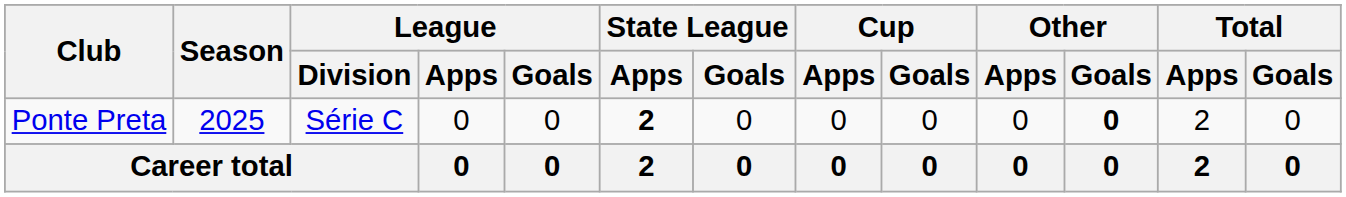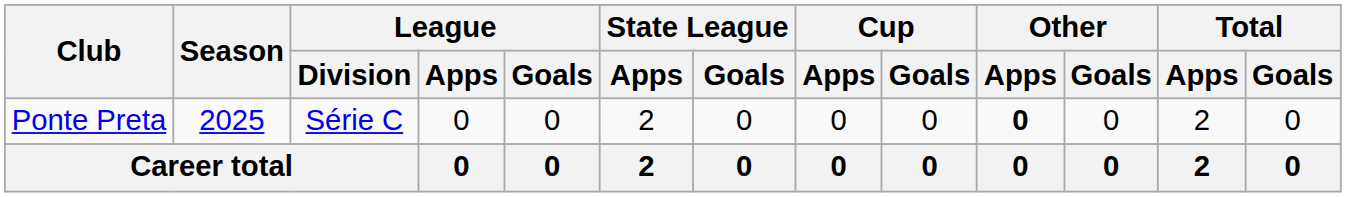 <table class=wikitable style=text-align:center>
 <tr>
 <th rowspan="2">Club</th>
 <th rowspan="2">Season</th>
 <th colspan="3">League</th>
 <th colspan="2">State League</th>
 <th colspan="2">Cup</th>
 <th colspan="2">Other</th>
 <th colspan="2">Total</th>
 </tr>
 <tr>
 <th>Division</th>
 <th>Apps</th>
 <th>Goals</th>
 <th>Apps</th>
 <th>Goals</th>
 <th>Apps</th>
 <th>Goals</th>
 <th>Apps</th>
 <th>Goals</th>
 <th>Apps</th>
 <th>Goals</th>
 </tr>
 <tr>
 <td><a href='#'>Ponte Preta</a></td>
 <td><a href='#'>2025</a></td>
 <td><a href='#'>Série C</a></td>
 <td>0</td>
 <td>0</td>
-<td><strong>2</strong></td>
-<td>0</td>
+<td>2</td>
 <td>0</td>
 <td>0</td>
 <td>0</td>
 <td><strong>0</strong></td>
+<td>0</td>
 <td>2</td>
 <td>0</td>
 </tr>
 <tr>
 <th colspan="3">Career total</th>
 <th>0</th>
 <th>0</th>
 <th>2</th>
 <th>0</th>
 <th>0</th>
 <th>0</th>
 <th>0</th>
 <th>0</th>
 <th>2</th>
 <th>0</th>
 </tr>
 </table>
